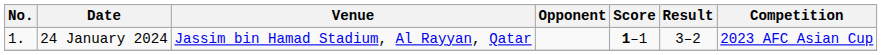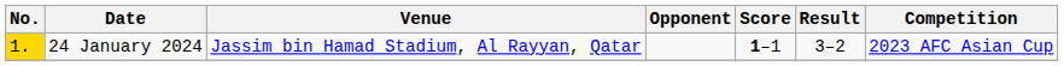 <table class="wikitable">
 <tr>
 <th>No.</th>
 <th>Date</th>
 <th>Venue</th>
 <th>Opponent</th>
 <th>Score</th>
 <th>Result</th>
 <th>Competition</th>
 </tr>
 <tr>
-<td>1.</td>
+<td style="background: gold;">1.</td>
 <td>24 January 2024</td>
 <td><a href='#'>Jassim bin Hamad Stadium</a>, <a href='#'>Al Rayyan</a>, <a href='#'>Qatar</a></td>
 <td></td>
 <td align=center><strong>1</strong>–1</td>
 <td align=center>3–2</td>
 <td><a href='#'>2023 AFC Asian Cup</a></td>
 </tr>
 <tr>
 </tr>
 </table>
